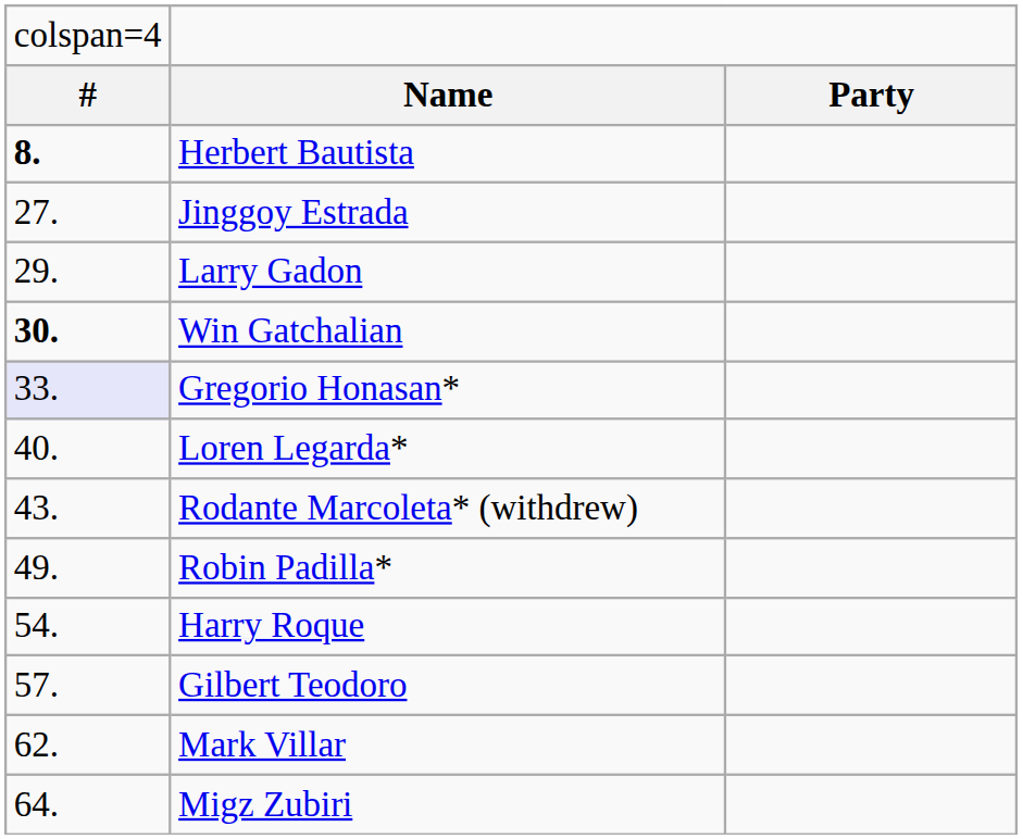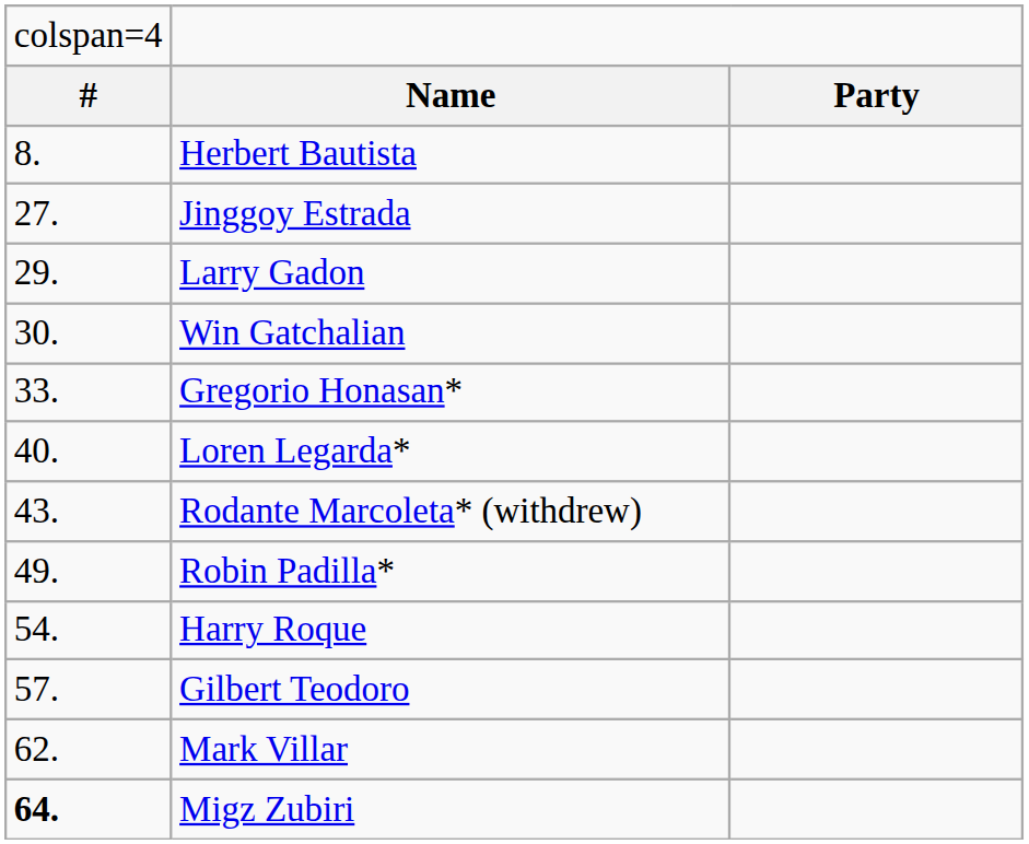 <table class=wikitable style="font-size:90%">
 <tr>
 <td>colspan=4 </td>
 </tr>
 <tr>
 <th>#</th>
 <th width=55%>Name</th>
 <th colspan=2 width=110px>Party</th>
 </tr>
 <tr>
-<td><strong>8.</strong></td>
+<td>8.</td>
 <td><a href='#'>Herbert Bautista</a></td>
 <td></td>
 </tr>
 <tr>
 <td>27.</td>
 <td><a href='#'>Jinggoy Estrada</a></td>
 <td></td>
 </tr>
 <tr>
 <td>29.</td>
 <td><a href='#'>Larry Gadon</a></td>
 <td></td>
 </tr>
 <tr>
-<td><strong>30.</strong></td>
+<td>30.</td>
 <td><a href='#'>Win Gatchalian</a></td>
 <td></td>
 </tr>
 <tr>
-<td style="background: lavender;">33.</td>
+<td>33.</td>
 <td><a href='#'>Gregorio Honasan</a>*</td>
 <td></td>
 </tr>
 <tr>
 <td>40.</td>
 <td><a href='#'>Loren Legarda</a>*</td>
 <td></td>
 </tr>
 <tr>
 <td>43.</td>
 <td><a href='#'>Rodante Marcoleta</a>* (withdrew)</td>
 <td></td>
 </tr>
 <tr>
 <td>49.</td>
 <td><a href='#'>Robin Padilla</a>*</td>
 <td></td>
 </tr>
 <tr>
 <td>54.</td>
 <td><a href='#'>Harry Roque</a></td>
 <td></td>
 </tr>
 <tr>
 <td>57.</td>
 <td><a href='#'>Gilbert Teodoro</a></td>
 <td></td>
 </tr>
 <tr>
 <td>62.</td>
 <td><a href='#'>Mark Villar</a></td>
 <td></td>
 </tr>
 <tr>
-<td>64.</td>
+<td><strong>64.</strong></td>
 <td><a href='#'>Migz Zubiri</a></td>
 <td></td>
 </tr>
 </table>
